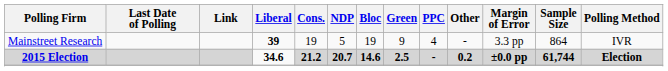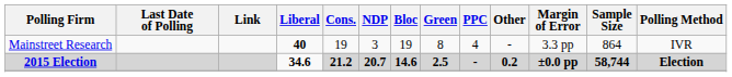 <table class="wikitable sortable" style="text-align:center;font-size:90%;line-height:14px;">
 <tr style="background:#e9e9e9;">
 <th style="width:120px">Polling Firm</th>
 <th style="width:110px">Last Date<br>of Polling</th>
 <th style="width:60px" class="unsortable">Link</th>
 <th style="background-color:"><strong><a href='#'>Liberal</a></strong></th>
 <th style="background-color:"><strong><a href='#'>Cons.</a></strong></th>
 <th style="background-color:"><strong><a href='#'>NDP</a></strong></th>
 <th style="background-color:"><strong><a href='#'>Bloc</a></strong></th>
 <th style="background-color:"><strong><a href='#'>Green</a></strong></th>
 <th style="background-color:"><strong><a href='#'>PPC</a></strong></th>
 <th style="background-color:"><strong>Other</strong></th>
 <th style="width:60px;" class=unsortable>Margin<br>of Error</th>
 <th style="width:50px;" class=unsortable>Sample<br>Size</th>
 <th class=unsortable>Polling Method</th>
 </tr>
 <tr>
 <td><a href='#'>Mainstreet Research</a></td>
 <td></td>
 <td></td>
-<td><strong>39</strong></td>
+<td><strong>40</strong></td>
 <td>19</td>
-<td>5</td>
+<td>3</td>
 <td>19</td>
-<td>9</td>
+<td>8</td>
 <td>4</td>
 <td>-</td>
 <td>3.3 pp</td>
 <td>864</td>
 <td>IVR</td>
 </tr>
 <tr>
 <td style="background:#D5D5D5"><strong><a href='#'>2015 Election</a></strong></td>
 <td style="background:#D5D5D5"><strong></strong></td>
 <td style="background:#D5D5D5"></td>
 <td><strong>34.6</strong></td>
 <td style="background:#D5D5D5"><strong>21.2</strong></td>
 <td style="background:#D5D5D5"><strong>20.7</strong></td>
 <td style="background:#D5D5D5"><strong>14.6</strong></td>
 <td style="background:#D5D5D5"><strong>2.5</strong></td>
 <td style="background:#D5D5D5"><strong>-</strong></td>
 <td style="background:#D5D5D5"><strong>0.2</strong></td>
 <td style="background:#D5D5D5"><strong>±0.0 pp</strong></td>
-<td style="background:#D5D5D5"><strong>61,744</strong></td>
+<td style="background:#D5D5D5"><strong>58,744</strong></td>
 <td style="background:#D5D5D5"><strong>Election</strong></td>
 </tr>
 <tr>
 </tr>
 <tr>
 </tr>
 </table>
